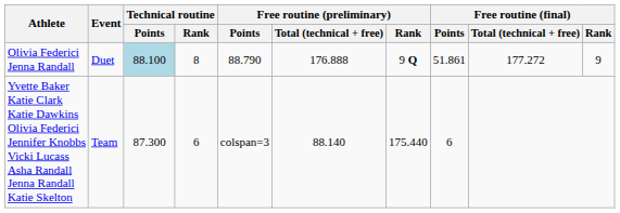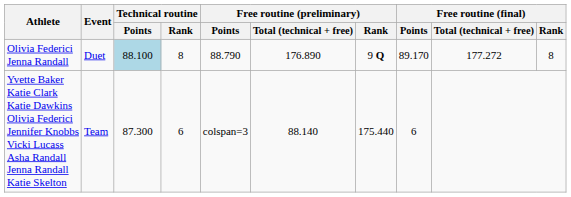 <table class="wikitable" style="text-align:center; font-size:90%">
 <tr>
 <th rowspan=2>Athlete</th>
 <th rowspan=2>Event</th>
 <th colspan=2>Technical routine</th>
 <th colspan=3>Free routine (preliminary)</th>
 <th colspan=3>Free routine (final)</th>
 </tr>
 <tr style="font-size:95%">
 <th>Points</th>
 <th>Rank</th>
 <th>Points</th>
 <th>Total (technical + free)</th>
 <th>Rank</th>
 <th>Points</th>
 <th>Total (technical + free)</th>
 <th>Rank</th>
 </tr>
 <tr>
 <td style="text-align:left;"><a href='#'>Olivia Federici</a><br> <a href='#'>Jenna Randall</a></td>
 <td style="text-align:left;"><a href='#'>Duet</a></td>
 <td style="background: lightblue;">88.100</td>
 <td>8</td>
 <td>88.790</td>
-<td>176.888</td>
+<td>176.890</td>
 <td>9 <strong>Q</strong></td>
-<td>51.861</td>
+<td>89.170</td>
 <td>177.272</td>
-<td>9</td>
+<td>8</td>
 </tr>
 <tr>
 <td style="text-align:left;"><a href='#'>Yvette Baker</a><br><a href='#'>Katie Clark</a><br><a href='#'>Katie Dawkins</a><br><a href='#'>Olivia Federici</a><br><a href='#'>Jennifer Knobbs</a><br><a href='#'>Vicki Lucass</a><br><a href='#'>Asha Randall</a><br><a href='#'>Jenna Randall</a><br><a href='#'>Katie Skelton</a></td>
 <td style="text-align:left;"><a href='#'>Team</a></td>
 <td>87.300</td>
 <td>6</td>
 <td>colspan=3 </td>
 <td>88.140</td>
 <td>175.440</td>
 <td>6</td>
 </tr>
 </table>
